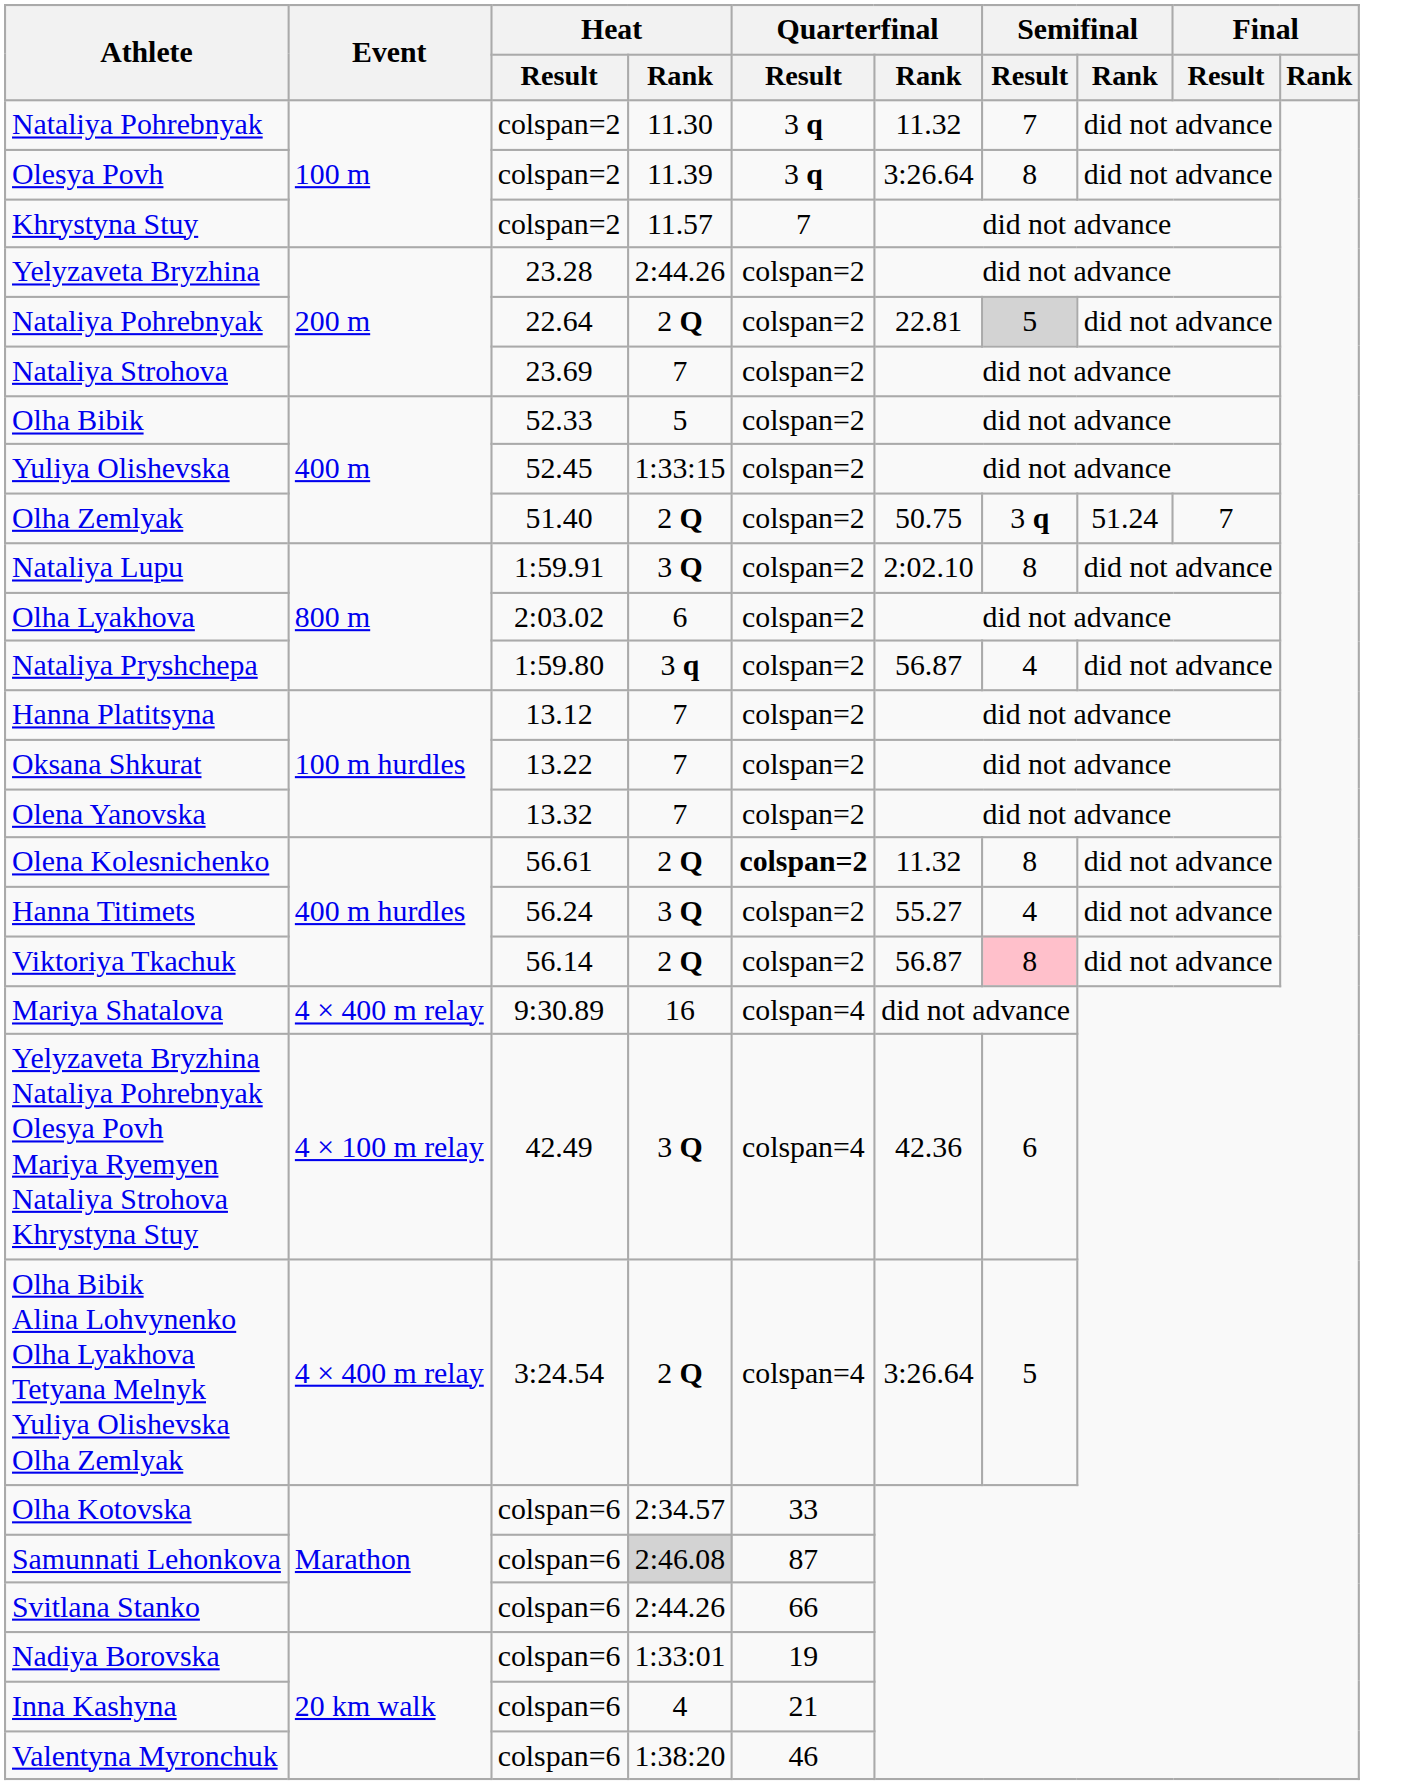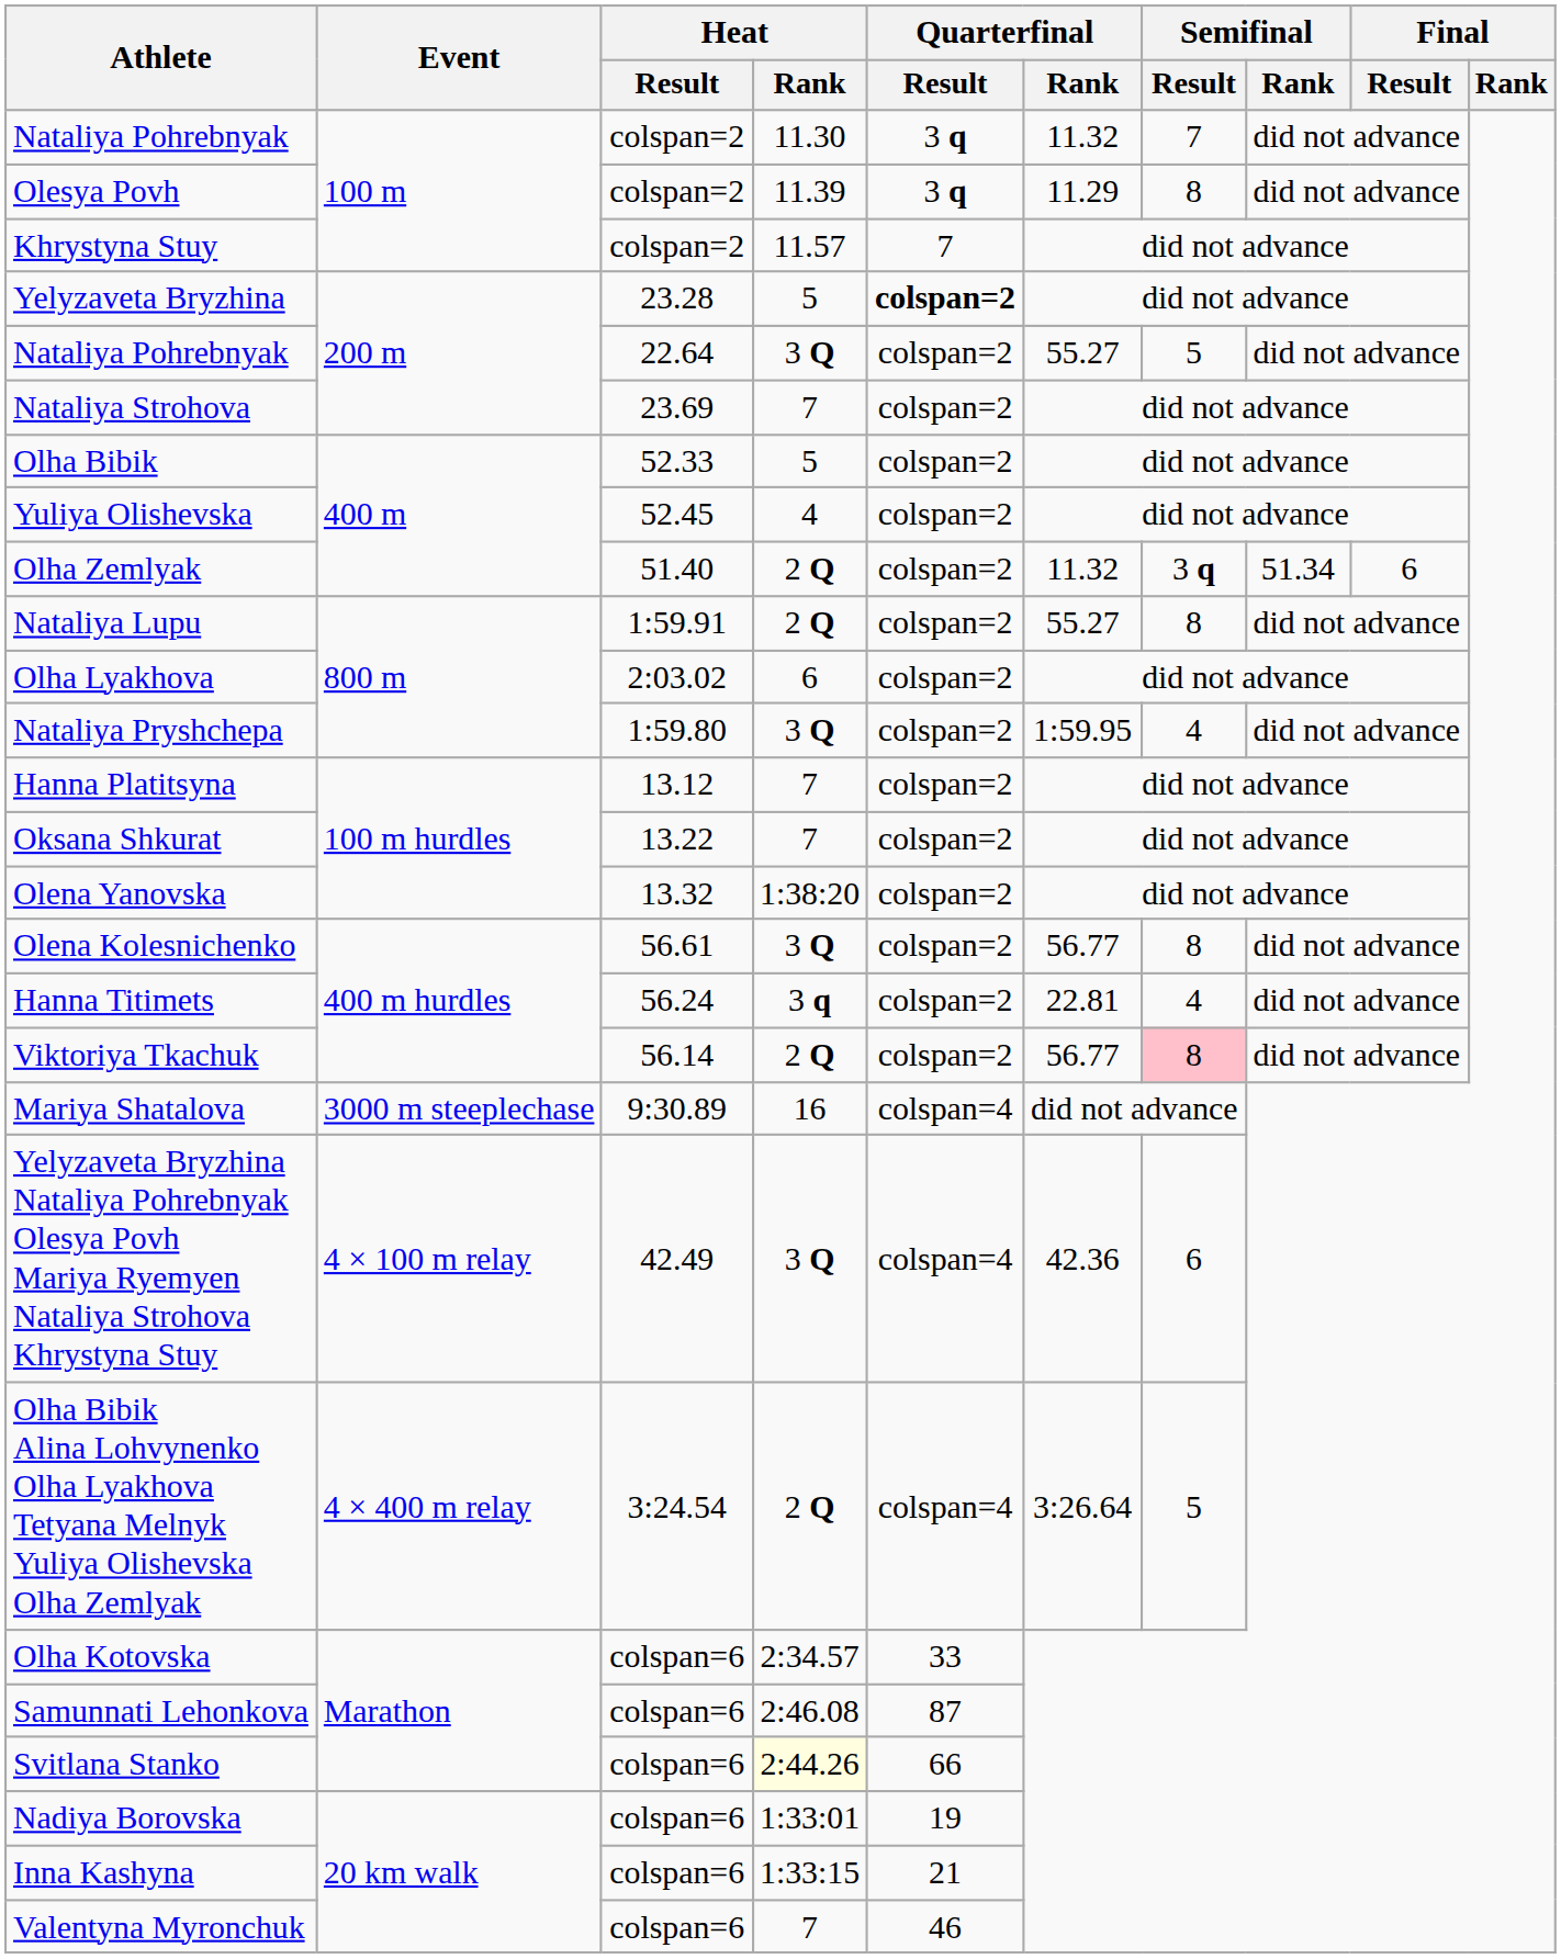 <table class="wikitable" style="font-size:90%">
 <tr>
 <th rowspan="2">Athlete</th>
 <th rowspan="2">Event</th>
 <th colspan="2">Heat</th>
 <th colspan="2">Quarterfinal</th>
 <th colspan="2">Semifinal</th>
 <th colspan="2">Final</th>
 </tr>
 <tr style="font-size:95%">
 <th>Result</th>
 <th>Rank</th>
 <th>Result</th>
 <th>Rank</th>
 <th>Result</th>
 <th>Rank</th>
 <th>Result</th>
 <th>Rank</th>
 </tr>
 <tr align=center>
 <td align=left><a href='#'>Nataliya Pohrebnyak</a></td>
 <td align=left rowspan=3><a href='#'>100 m</a></td>
 <td>colspan=2 </td>
 <td>11.30</td>
 <td>3 <strong>q</strong></td>
 <td>11.32</td>
 <td>7</td>
 <td colspan=2>did not advance</td>
 </tr>
 <tr align=center>
 <td align=left><a href='#'>Olesya Povh</a></td>
 <td>colspan=2 </td>
 <td>11.39</td>
 <td>3 <strong>q</strong></td>
-<td>3:26.64</td>
+<td>11.29</td>
 <td>8</td>
 <td colspan=2>did not advance</td>
 </tr>
 <tr align=center>
 <td align=left><a href='#'>Khrystyna Stuy</a></td>
 <td>colspan=2 </td>
 <td>11.57</td>
 <td>7</td>
 <td colspan=4>did not advance</td>
 </tr>
 <tr align=center>
 <td align=left><a href='#'>Yelyzaveta Bryzhina</a></td>
 <td align=left rowspan=3><a href='#'>200 m</a></td>
 <td>23.28</td>
-<td>2:44.26</td>
-<td>colspan=2 </td>
+<td>5</td>
+<td><strong>colspan=2 </strong></td>
 <td colspan=4>did not advance</td>
 </tr>
 <tr align=center>
 <td align=left><a href='#'>Nataliya Pohrebnyak</a></td>
 <td>22.64</td>
-<td>2 <strong>Q</strong></td>
+<td>3 <strong>Q</strong></td>
 <td>colspan=2 </td>
-<td>22.81</td>
-<td style="background: lightgrey;">5</td>
+<td>55.27</td>
+<td>5</td>
 <td colspan=2>did not advance</td>
 </tr>
 <tr align=center>
 <td align=left><a href='#'>Nataliya Strohova</a></td>
 <td>23.69</td>
 <td>7</td>
 <td>colspan=2 </td>
 <td colspan=4>did not advance</td>
 </tr>
 <tr align=center>
 <td align=left><a href='#'>Olha Bibik</a></td>
 <td align=left rowspan=3><a href='#'>400 m</a></td>
 <td>52.33</td>
 <td>5</td>
 <td>colspan=2 </td>
 <td colspan=4>did not advance</td>
 </tr>
 <tr align=center>
 <td align=left><a href='#'>Yuliya Olishevska</a></td>
 <td>52.45</td>
-<td>1:33:15</td>
+<td>4</td>
 <td>colspan=2 </td>
 <td colspan=4>did not advance</td>
 </tr>
 <tr align=center>
 <td align=left><a href='#'>Olha Zemlyak</a></td>
 <td>51.40</td>
 <td>2 <strong>Q</strong></td>
 <td>colspan=2 </td>
-<td>50.75</td>
+<td>11.32</td>
 <td>3 <strong>q</strong></td>
-<td>51.24</td>
-<td>7</td>
+<td>51.34</td>
+<td>6</td>
 </tr>
 <tr align=center>
 <td align=left><a href='#'>Nataliya Lupu</a></td>
 <td align=left rowspan=3><a href='#'>800 m</a></td>
 <td>1:59.91</td>
-<td>3 <strong>Q</strong></td>
+<td>2 <strong>Q</strong></td>
 <td>colspan=2 </td>
-<td>2:02.10</td>
+<td>55.27</td>
 <td>8</td>
 <td colspan=2>did not advance</td>
 </tr>
 <tr align=center>
 <td align=left><a href='#'>Olha Lyakhova</a></td>
 <td>2:03.02</td>
 <td>6</td>
 <td>colspan=2 </td>
 <td colspan=4>did not advance</td>
 </tr>
 <tr align=center>
 <td align=left><a href='#'>Nataliya Pryshchepa</a></td>
 <td>1:59.80</td>
-<td>3 <strong>q</strong></td>
+<td>3 <strong>Q</strong></td>
 <td>colspan=2 </td>
-<td>56.87</td>
+<td>1:59.95</td>
 <td>4</td>
 <td colspan=2>did not advance</td>
 </tr>
 <tr align=center>
 <td align=left><a href='#'>Hanna Platitsyna</a></td>
 <td align=left rowspan=3><a href='#'>100 m hurdles</a></td>
 <td>13.12</td>
 <td>7</td>
 <td>colspan=2 </td>
 <td colspan=4>did not advance</td>
 </tr>
 <tr align=center>
 <td align=left><a href='#'>Oksana Shkurat</a></td>
 <td>13.22</td>
 <td>7</td>
 <td>colspan=2 </td>
 <td colspan=4>did not advance</td>
 </tr>
 <tr align=center>
 <td align=left><a href='#'>Olena Yanovska</a></td>
 <td>13.32</td>
-<td>7</td>
+<td>1:38:20</td>
 <td>colspan=2 </td>
 <td colspan=4>did not advance</td>
 </tr>
 <tr align=center>
 <td align=left><a href='#'>Olena Kolesnichenko</a></td>
 <td align=left rowspan=3><a href='#'>400 m hurdles</a></td>
 <td>56.61</td>
-<td>2 <strong>Q</strong></td>
-<td><strong>colspan=2 </strong></td>
-<td>11.32</td>
+<td>3 <strong>Q</strong></td>
+<td>colspan=2 </td>
+<td>56.77</td>
 <td>8</td>
 <td colspan=2>did not advance</td>
 </tr>
 <tr align=center>
 <td align=left><a href='#'>Hanna Titimets</a></td>
 <td>56.24</td>
-<td>3 <strong>Q</strong></td>
+<td>3 <strong>q</strong></td>
 <td>colspan=2 </td>
-<td>55.27</td>
+<td>22.81</td>
 <td>4</td>
 <td colspan=2>did not advance</td>
 </tr>
 <tr align=center>
 <td align=left><a href='#'>Viktoriya Tkachuk</a></td>
 <td>56.14</td>
 <td>2 <strong>Q</strong></td>
 <td>colspan=2 </td>
-<td>56.87</td>
+<td>56.77</td>
 <td style="background: pink;">8</td>
 <td colspan=2>did not advance</td>
 </tr>
 <tr align=center>
 <td align=left><a href='#'>Mariya Shatalova</a></td>
-<td align=left><a href='#'>4 × 400 m relay</a></td>
+<td align=left><a href='#'>3000 m steeplechase</a></td>
 <td>9:30.89</td>
 <td>16</td>
 <td>colspan=4 </td>
 <td colspan=2>did not advance</td>
 </tr>
 <tr align=center>
 <td align=left><a href='#'>Yelyzaveta Bryzhina</a><br><a href='#'>Nataliya Pohrebnyak</a><br><a href='#'>Olesya Povh</a><br><a href='#'>Mariya Ryemyen</a><br><a href='#'>Nataliya Strohova</a><br><a href='#'>Khrystyna Stuy</a></td>
 <td align=left><a href='#'>4 × 100 m relay</a></td>
 <td>42.49</td>
 <td>3 <strong>Q</strong></td>
 <td>colspan=4 </td>
 <td>42.36</td>
 <td>6</td>
 </tr>
 <tr align=center>
 <td align=left><a href='#'>Olha Bibik</a><br><a href='#'>Alina Lohvynenko</a><br><a href='#'>Olha Lyakhova</a><br><a href='#'>Tetyana Melnyk</a><br><a href='#'>Yuliya Olishevska</a><br><a href='#'>Olha Zemlyak</a></td>
 <td align=left><a href='#'>4 × 400 m relay</a></td>
 <td>3:24.54</td>
 <td>2 <strong>Q</strong></td>
 <td>colspan=4 </td>
 <td>3:26.64</td>
 <td>5</td>
 </tr>
 <tr align=center>
 <td align=left><a href='#'>Olha Kotovska</a></td>
 <td align=left rowspan=3><a href='#'>Marathon</a></td>
 <td>colspan=6 </td>
 <td>2:34.57</td>
 <td>33</td>
 </tr>
 <tr align=center>
 <td align=left><a href='#'>Samunnati Lehonkova</a></td>
 <td>colspan=6 </td>
-<td style="background: lightgrey;">2:46.08</td>
+<td>2:46.08</td>
 <td>87</td>
 </tr>
 <tr align=center>
 <td align=left><a href='#'>Svitlana Stanko</a></td>
 <td>colspan=6 </td>
-<td>2:44.26</td>
+<td style="background: lightyellow;">2:44.26</td>
 <td>66</td>
 </tr>
 <tr align=center>
 <td align=left><a href='#'>Nadiya Borovska</a></td>
 <td align=left rowspan=3><a href='#'>20 km walk</a></td>
 <td>colspan=6 </td>
 <td>1:33:01</td>
 <td>19</td>
 </tr>
 <tr align=center>
 <td align=left><a href='#'>Inna Kashyna</a></td>
 <td>colspan=6 </td>
-<td>4</td>
+<td>1:33:15</td>
 <td>21</td>
 </tr>
 <tr align=center>
 <td align=left><a href='#'>Valentyna Myronchuk</a></td>
 <td>colspan=6 </td>
-<td>1:38:20</td>
+<td>7</td>
 <td>46</td>
 </tr>
 </table>
